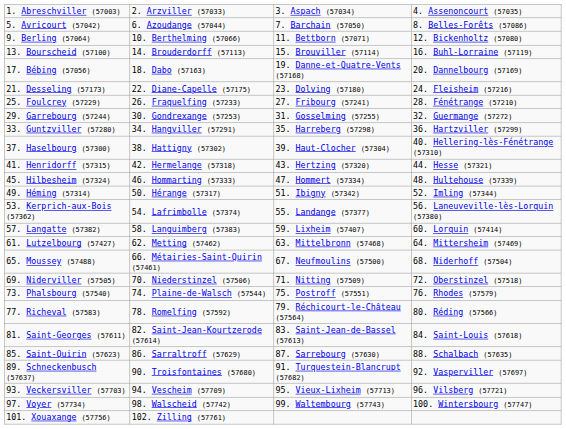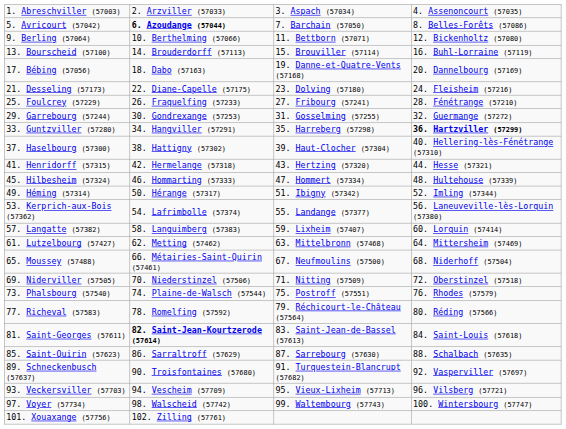 <table class="wikitable">
 <tr>
 <td>1. <a href='#'>Abreschviller</a> <small>(57003)</small></td>
 <td>2. <a href='#'>Arzviller</a> <small>(57033)</small></td>
 <td>3. <a href='#'>Aspach</a> <small>(57034)</small></td>
 <td>4. <a href='#'>Assenoncourt</a> <small>(57035)</small></td>
 </tr>
 <tr>
 <td>5. <a href='#'>Avricourt</a> <small>(57042)</small></td>
-<td>6. <a href='#'>Azoudange</a> <small>(57044)</small></td>
+<td><strong>6. <a href='#'>Azoudange</a> <small>(57044)</small></strong></td>
 <td>7. <a href='#'>Barchain</a> <small>(57050)</small></td>
 <td>8. <a href='#'>Belles-Forêts</a> <small>(57086)</small></td>
 </tr>
 <tr>
 <td>9. <a href='#'>Berling</a> <small>(57064)</small></td>
 <td>10. <a href='#'>Berthelming</a> <small>(57066)</small></td>
 <td>11. <a href='#'>Bettborn</a> <small>(57071)</small></td>
 <td>12. <a href='#'>Bickenholtz</a> <small>(57080)</small></td>
 </tr>
 <tr>
 <td>13. <a href='#'>Bourscheid</a> <small>(57100)</small></td>
 <td>14. <a href='#'>Brouderdorff</a> <small>(57113)</small></td>
 <td>15. <a href='#'>Brouviller</a> <small>(57114)</small></td>
 <td>16. <a href='#'>Buhl-Lorraine</a> <small>(57119)</small></td>
 </tr>
 <tr>
 <td>17. <a href='#'>Bébing</a> <small>(57056)</small></td>
 <td>18. <a href='#'>Dabo</a> <small>(57163)</small></td>
 <td>19. <a href='#'>Danne-et-Quatre-Vents</a> <small>(57168)</small></td>
 <td>20. <a href='#'>Dannelbourg</a> <small>(57169)</small></td>
 </tr>
 <tr>
 <td>21. <a href='#'>Desseling</a> <small>(57173)</small></td>
 <td>22. <a href='#'>Diane-Capelle</a> <small>(57175)</small></td>
 <td>23. <a href='#'>Dolving</a> <small>(57180)</small></td>
 <td>24. <a href='#'>Fleisheim</a> <small>(57216)</small></td>
 </tr>
 <tr>
 <td>25. <a href='#'>Foulcrey</a> <small>(57229)</small></td>
 <td>26. <a href='#'>Fraquelfing</a> <small>(57233)</small></td>
 <td>27. <a href='#'>Fribourg</a> <small>(57241)</small></td>
 <td>28. <a href='#'>Fénétrange</a> <small>(57210)</small></td>
 </tr>
 <tr>
 <td>29. <a href='#'>Garrebourg</a> <small>(57244)</small></td>
 <td>30. <a href='#'>Gondrexange</a> <small>(57253)</small></td>
 <td>31. <a href='#'>Gosselming</a> <small>(57255)</small></td>
 <td>32. <a href='#'>Guermange</a> <small>(57272)</small></td>
 </tr>
 <tr>
 <td>33. <a href='#'>Guntzviller</a> <small>(57280)</small></td>
 <td>34. <a href='#'>Hangviller</a> <small>(57291)</small></td>
 <td>35. <a href='#'>Harreberg</a> <small>(57298)</small></td>
-<td>36. <a href='#'>Hartzviller</a> <small>(57299)</small></td>
+<td><strong>36. <a href='#'>Hartzviller</a> <small>(57299)</small></strong></td>
 </tr>
 <tr>
 <td>37. <a href='#'>Haselbourg</a> <small>(57300)</small></td>
 <td>38. <a href='#'>Hattigny</a> <small>(57302)</small></td>
 <td>39. <a href='#'>Haut-Clocher</a> <small>(57304)</small></td>
 <td>40. <a href='#'>Hellering-lès-Fénétrange</a> <small>(57310)</small></td>
 </tr>
 <tr>
 <td>41. <a href='#'>Henridorff</a> <small>(57315)</small></td>
 <td>42. <a href='#'>Hermelange</a> <small>(57318)</small></td>
 <td>43. <a href='#'>Hertzing</a> <small>(57320)</small></td>
 <td>44. <a href='#'>Hesse</a> <small>(57321)</small></td>
 </tr>
 <tr>
 <td>45. <a href='#'>Hilbesheim</a> <small>(57324)</small></td>
 <td>46. <a href='#'>Hommarting</a> <small>(57333)</small></td>
 <td>47. <a href='#'>Hommert</a> <small>(57334)</small></td>
 <td>48. <a href='#'>Hultehouse</a> <small>(57339)</small></td>
 </tr>
 <tr>
 <td>49. <a href='#'>Héming</a> <small>(57314)</small></td>
 <td>50. <a href='#'>Hérange</a> <small>(57317)</small></td>
 <td>51. <a href='#'>Ibigny</a> <small>(57342)</small></td>
 <td>52. <a href='#'>Imling</a> <small>(57344)</small></td>
 </tr>
 <tr>
 <td>53. <a href='#'>Kerprich-aux-Bois</a> <small>(57362)</small></td>
 <td>54. <a href='#'>Lafrimbolle</a> <small>(57374)</small></td>
 <td>55. <a href='#'>Landange</a> <small>(57377)</small></td>
 <td>56. <a href='#'>Laneuveville-lès-Lorquin</a> <small>(57380)</small></td>
 </tr>
 <tr>
 <td>57. <a href='#'>Langatte</a> <small>(57382)</small></td>
 <td>58. <a href='#'>Languimberg</a> <small>(57383)</small></td>
 <td>59. <a href='#'>Lixheim</a> <small>(57407)</small></td>
 <td>60. <a href='#'>Lorquin</a> <small>(57414)</small></td>
 </tr>
 <tr>
 <td>61. <a href='#'>Lutzelbourg</a> <small>(57427)</small></td>
 <td>62. <a href='#'>Metting</a> <small>(57462)</small></td>
 <td>63. <a href='#'>Mittelbronn</a> <small>(57468)</small></td>
 <td>64. <a href='#'>Mittersheim</a> <small>(57469)</small></td>
 </tr>
 <tr>
 <td>65. <a href='#'>Moussey</a> <small>(57488)</small></td>
 <td>66. <a href='#'>Métairies-Saint-Quirin</a> <small>(57461)</small></td>
 <td>67. <a href='#'>Neufmoulins</a> <small>(57500)</small></td>
 <td>68. <a href='#'>Niderhoff</a> <small>(57504)</small></td>
 </tr>
 <tr>
 <td>69. <a href='#'>Niderviller</a> <small>(57505)</small></td>
 <td>70. <a href='#'>Niederstinzel</a> <small>(57506)</small></td>
 <td>71. <a href='#'>Nitting</a> <small>(57509)</small></td>
 <td>72. <a href='#'>Oberstinzel</a> <small>(57518)</small></td>
 </tr>
 <tr>
 <td>73. <a href='#'>Phalsbourg</a> <small>(57540)</small></td>
 <td>74. <a href='#'>Plaine-de-Walsch</a> <small>(57544)</small></td>
 <td>75. <a href='#'>Postroff</a> <small>(57551)</small></td>
 <td>76. <a href='#'>Rhodes</a> <small>(57579)</small></td>
 </tr>
 <tr>
 <td>77. <a href='#'>Richeval</a> <small>(57583)</small></td>
 <td>78. <a href='#'>Romelfing</a> <small>(57592)</small></td>
 <td>79. <a href='#'>Réchicourt-le-Château</a> <small>(57564)</small></td>
 <td>80. <a href='#'>Réding</a> <small>(57566)</small></td>
 </tr>
 <tr>
 <td>81. <a href='#'>Saint-Georges</a> <small>(57611)</small></td>
-<td>82. <a href='#'>Saint-Jean-Kourtzerode</a> <small>(57614)</small></td>
+<td><strong>82. <a href='#'>Saint-Jean-Kourtzerode</a> <small>(57614)</small></strong></td>
 <td>83. <a href='#'>Saint-Jean-de-Bassel</a> <small>(57613)</small></td>
 <td>84. <a href='#'>Saint-Louis</a> <small>(57618)</small></td>
 </tr>
 <tr>
 <td>85. <a href='#'>Saint-Quirin</a> <small>(57623)</small></td>
 <td>86. <a href='#'>Sarraltroff</a> <small>(57629)</small></td>
 <td>87. <a href='#'>Sarrebourg</a> <small>(57630)</small></td>
 <td>88. <a href='#'>Schalbach</a> <small>(57635)</small></td>
 </tr>
 <tr>
 <td>89. <a href='#'>Schneckenbusch</a> <small>(57637)</small></td>
 <td>90. <a href='#'>Troisfontaines</a> <small>(57680)</small></td>
 <td>91. <a href='#'>Turquestein-Blancrupt</a> <small>(57682)</small></td>
 <td>92. <a href='#'>Vasperviller</a> <small>(57697)</small></td>
 </tr>
 <tr>
 <td>93. <a href='#'>Veckersviller</a> <small>(57703)</small></td>
 <td>94. <a href='#'>Vescheim</a> <small>(57709)</small></td>
 <td>95. <a href='#'>Vieux-Lixheim</a> <small>(57713)</small></td>
 <td>96. <a href='#'>Vilsberg</a> <small>(57721)</small></td>
 </tr>
 <tr>
 <td>97. <a href='#'>Voyer</a> <small>(57734)</small></td>
 <td>98. <a href='#'>Walscheid</a> <small>(57742)</small></td>
 <td>99. <a href='#'>Waltembourg</a> <small>(57743)</small></td>
 <td>100. <a href='#'>Wintersbourg</a> <small>(57747)</small></td>
 </tr>
 <tr>
 <td>101. <a href='#'>Xouaxange</a> <small>(57756)</small></td>
 <td>102. <a href='#'>Zilling</a> <small>(57761)</small></td>
 <td></td>
 <td></td>
 </tr>
 </table>
